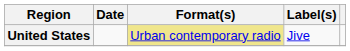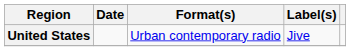 <table class="wikitable plainrowheaders" style="text-align:left">
 <tr>
 <th scope="col">Region</th>
 <th scope="col">Date</th>
 <th scope="col">Format(s)</th>
 <th scope="col">Label(s)</th>
 <th scope="col"></th>
 </tr>
 <tr>
 <th scope="row">United States</th>
 <td></td>
-<td style="background: khaki;"><a href='#'>Urban contemporary radio</a></td>
+<td><a href='#'>Urban contemporary radio</a></td>
 <td><a href='#'>Jive</a></td>
 <td></td>
 </tr>
 <tr>
 </tr>
 </table>
